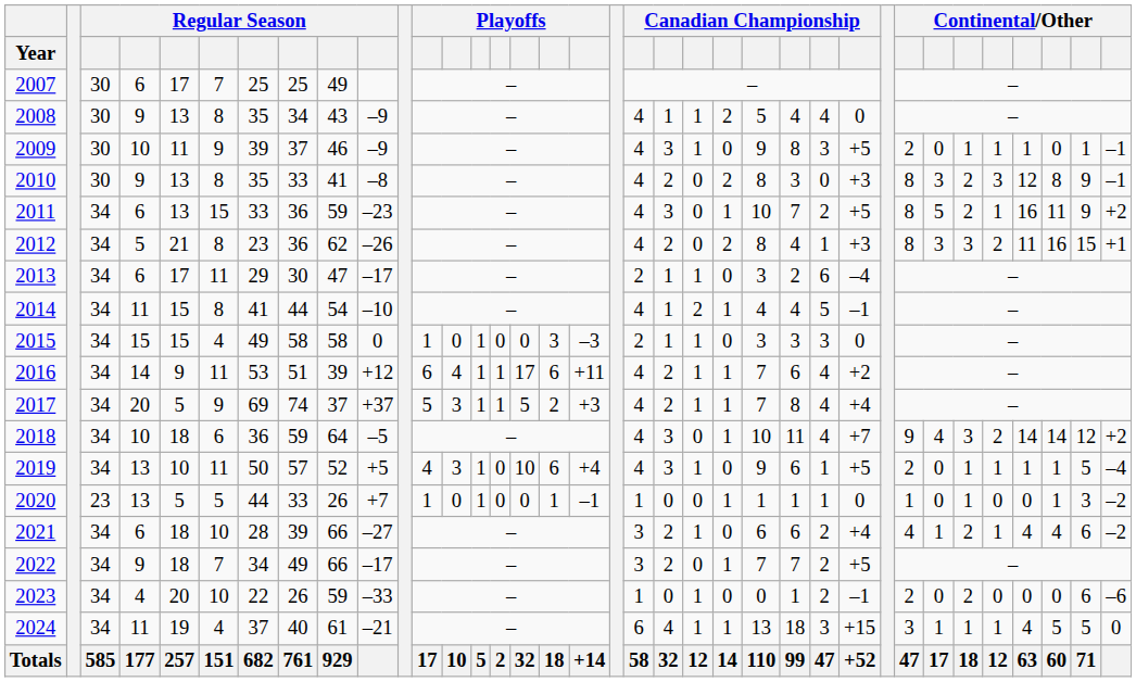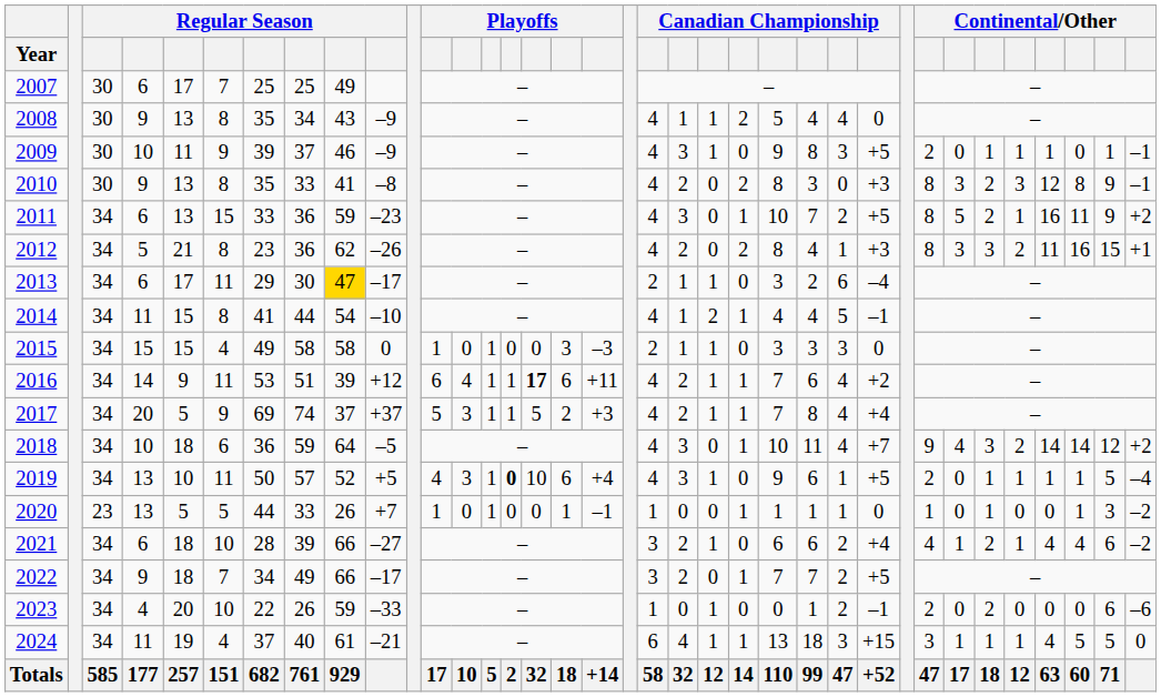 <table class="wikitable">
 <tr>
 <th bgcolor="#ffffff"> </th>
 <th rowspan="99" bgcolor="#ffffff"> </th>
 <th colspan="8"><a href='#'>Regular Season</a></th>
 <th rowspan="99" bgcolor="#ffffff"> </th>
 <th colspan="7"><a href='#'>Playoffs</a></th>
 <th rowspan="99" bgcolor="#ffffff"> </th>
 <th colspan="8"><a href='#'>Canadian Championship</a></th>
 <th rowspan="99" bgcolor="#ffffff"> </th>
 <th colspan="8"><a href='#'>Continental</a>/Other</th>
 </tr>
 <tr bgcolor="#e0e0e0">
 <th>Year</th>
 <th></th>
 <th></th>
 <th></th>
 <th></th>
 <th></th>
 <th></th>
 <th></th>
 <th></th>
 <th></th>
 <th></th>
 <th></th>
 <th></th>
 <th></th>
 <th></th>
 <th></th>
 <th></th>
 <th></th>
 <th></th>
 <th></th>
 <th></th>
 <th></th>
 <th></th>
 <th></th>
 <th></th>
 <th></th>
 <th></th>
 <th></th>
 <th></th>
 <th></th>
 <th></th>
 <th></th>
 </tr>
 <tr align="center">
 <td><a href='#'>2007</a></td>
 <td>30</td>
 <td>6</td>
 <td>17</td>
 <td>7</td>
 <td>25</td>
 <td>25</td>
 <td>49</td>
 <td></td>
 <td colspan="7">–</td>
 <td colspan="8">–</td>
 <td colspan="8">–</td>
 </tr>
 <tr align="center">
 <td><a href='#'>2008</a></td>
 <td>30</td>
 <td>9</td>
 <td>13</td>
 <td>8</td>
 <td>35</td>
 <td>34</td>
 <td>43</td>
 <td>–9</td>
 <td colspan="7">–</td>
 <td>4</td>
 <td>1</td>
 <td>1</td>
 <td>2</td>
 <td>5</td>
 <td>4</td>
 <td>4</td>
 <td>0</td>
 <td colspan="8">–</td>
 </tr>
 <tr align="center">
 <td><a href='#'>2009</a></td>
 <td>30</td>
 <td>10</td>
 <td>11</td>
 <td>9</td>
 <td>39</td>
 <td>37</td>
 <td>46</td>
 <td>–9</td>
 <td colspan="7">–</td>
 <td>4</td>
 <td>3</td>
 <td>1</td>
 <td>0</td>
 <td>9</td>
 <td>8</td>
 <td>3</td>
 <td>+5</td>
 <td>2</td>
 <td>0</td>
 <td>1</td>
 <td>1</td>
 <td>1</td>
 <td>0</td>
 <td>1</td>
 <td>–1</td>
 </tr>
 <tr align="center">
 <td><a href='#'>2010</a></td>
 <td>30</td>
 <td>9</td>
 <td>13</td>
 <td>8</td>
 <td>35</td>
 <td>33</td>
 <td>41</td>
 <td>–8</td>
 <td colspan="7">–</td>
 <td>4</td>
 <td>2</td>
 <td>0</td>
 <td>2</td>
 <td>8</td>
 <td>3</td>
 <td>0</td>
 <td>+3</td>
 <td>8</td>
 <td>3</td>
 <td>2</td>
 <td>3</td>
 <td>12</td>
 <td>8</td>
 <td>9</td>
 <td>–1</td>
 </tr>
 <tr align="center">
 <td><a href='#'>2011</a></td>
 <td>34</td>
 <td>6</td>
 <td>13</td>
 <td>15</td>
 <td>33</td>
 <td>36</td>
 <td>59</td>
 <td>–23</td>
 <td colspan="7">–</td>
 <td>4</td>
 <td>3</td>
 <td>0</td>
 <td>1</td>
 <td>10</td>
 <td>7</td>
 <td>2</td>
 <td>+5</td>
 <td>8</td>
 <td>5</td>
 <td>2</td>
 <td>1</td>
 <td>16</td>
 <td>11</td>
 <td>9</td>
 <td>+2</td>
 </tr>
 <tr align="center">
 <td><a href='#'>2012</a></td>
 <td>34</td>
 <td>5</td>
 <td>21</td>
 <td>8</td>
 <td>23</td>
 <td>36</td>
 <td>62</td>
 <td>–26</td>
 <td colspan="7">–</td>
 <td>4</td>
 <td>2</td>
 <td>0</td>
 <td>2</td>
 <td>8</td>
 <td>4</td>
 <td>1</td>
 <td>+3</td>
 <td>8</td>
 <td>3</td>
 <td>3</td>
 <td>2</td>
 <td>11</td>
 <td>16</td>
 <td>15</td>
 <td>+1</td>
 </tr>
 <tr align="center">
 <td><a href='#'>2013</a></td>
 <td>34</td>
 <td>6</td>
 <td>17</td>
 <td>11</td>
 <td>29</td>
 <td>30</td>
-<td>47</td>
+<td style="background: gold;">47</td>
 <td>–17</td>
 <td colspan="7">–</td>
 <td>2</td>
 <td>1</td>
 <td>1</td>
 <td>0</td>
 <td>3</td>
 <td>2</td>
 <td>6</td>
 <td>–4</td>
 <td colspan="8">–</td>
 </tr>
 <tr align="center">
 <td><a href='#'>2014</a></td>
 <td>34</td>
 <td>11</td>
 <td>15</td>
 <td>8</td>
 <td>41</td>
 <td>44</td>
 <td>54</td>
 <td>–10</td>
 <td colspan="7">–</td>
 <td>4</td>
 <td>1</td>
 <td>2</td>
 <td>1</td>
 <td>4</td>
 <td>4</td>
 <td>5</td>
 <td>–1</td>
 <td colspan="8">–</td>
 </tr>
 <tr align="center">
 <td><a href='#'>2015</a></td>
 <td>34</td>
 <td>15</td>
 <td>15</td>
 <td>4</td>
 <td>49</td>
 <td>58</td>
 <td>58</td>
 <td>0</td>
 <td>1</td>
 <td>0</td>
 <td>1</td>
 <td>0</td>
 <td>0</td>
 <td>3</td>
 <td>–3</td>
 <td>2</td>
 <td>1</td>
 <td>1</td>
 <td>0</td>
 <td>3</td>
 <td>3</td>
 <td>3</td>
 <td>0</td>
 <td colspan="8">–</td>
 </tr>
 <tr align="center">
 <td><a href='#'>2016</a></td>
 <td>34</td>
 <td>14</td>
 <td>9</td>
 <td>11</td>
 <td>53</td>
 <td>51</td>
 <td>39</td>
 <td>+12</td>
 <td>6</td>
 <td>4</td>
 <td>1</td>
 <td>1</td>
-<td>17</td>
+<td><strong>17</strong></td>
 <td>6</td>
 <td>+11</td>
 <td>4</td>
 <td>2</td>
 <td>1</td>
 <td>1</td>
 <td>7</td>
 <td>6</td>
 <td>4</td>
 <td>+2</td>
 <td colspan="8">–</td>
 </tr>
 <tr align="center">
 <td><a href='#'>2017</a></td>
 <td>34</td>
 <td>20</td>
 <td>5</td>
 <td>9</td>
 <td>69</td>
 <td>74</td>
 <td>37</td>
 <td>+37</td>
 <td>5</td>
 <td>3</td>
 <td>1</td>
 <td>1</td>
 <td>5</td>
 <td>2</td>
 <td>+3</td>
 <td>4</td>
 <td>2</td>
 <td>1</td>
 <td>1</td>
 <td>7</td>
 <td>8</td>
 <td>4</td>
 <td>+4</td>
 <td colspan="8">–</td>
 </tr>
 <tr align="center">
 <td><a href='#'>2018</a></td>
 <td>34</td>
 <td>10</td>
 <td>18</td>
 <td>6</td>
 <td>36</td>
 <td>59</td>
 <td>64</td>
 <td>–5</td>
 <td colspan="7">–</td>
 <td>4</td>
 <td>3</td>
 <td>0</td>
 <td>1</td>
 <td>10</td>
 <td>11</td>
 <td>4</td>
 <td>+7</td>
 <td>9</td>
 <td>4</td>
 <td>3</td>
 <td>2</td>
 <td>14</td>
 <td>14</td>
 <td>12</td>
 <td>+2</td>
 </tr>
 <tr align="center">
 <td><a href='#'>2019</a></td>
 <td>34</td>
 <td>13</td>
 <td>10</td>
 <td>11</td>
 <td>50</td>
 <td>57</td>
 <td>52</td>
 <td>+5</td>
 <td>4</td>
 <td>3</td>
 <td>1</td>
-<td>0</td>
+<td><strong>0</strong></td>
 <td>10</td>
 <td>6</td>
 <td>+4</td>
 <td>4</td>
 <td>3</td>
 <td>1</td>
 <td>0</td>
 <td>9</td>
 <td>6</td>
 <td>1</td>
 <td>+5</td>
 <td>2</td>
 <td>0</td>
 <td>1</td>
 <td>1</td>
 <td>1</td>
 <td>1</td>
 <td>5</td>
 <td>–4</td>
 </tr>
 <tr align="center">
 <td><a href='#'>2020</a></td>
 <td>23</td>
 <td>13</td>
 <td>5</td>
 <td>5</td>
 <td>44</td>
 <td>33</td>
 <td>26</td>
 <td>+7</td>
 <td>1</td>
 <td>0</td>
 <td>1</td>
 <td>0</td>
 <td>0</td>
 <td>1</td>
 <td>–1</td>
 <td>1</td>
 <td>0</td>
 <td>0</td>
 <td>1</td>
 <td>1</td>
 <td>1</td>
 <td>1</td>
 <td>0</td>
 <td>1</td>
 <td>0</td>
 <td>1</td>
 <td>0</td>
 <td>0</td>
 <td>1</td>
 <td>3</td>
 <td>–2</td>
 </tr>
 <tr align="center">
 <td><a href='#'>2021</a></td>
 <td>34</td>
 <td>6</td>
 <td>18</td>
 <td>10</td>
 <td>28</td>
 <td>39</td>
 <td>66</td>
 <td>–27</td>
 <td colspan="7">–</td>
 <td>3</td>
 <td>2</td>
 <td>1</td>
 <td>0</td>
 <td>6</td>
 <td>6</td>
 <td>2</td>
 <td>+4</td>
 <td>4</td>
 <td>1</td>
 <td>2</td>
 <td>1</td>
 <td>4</td>
 <td>4</td>
 <td>6</td>
 <td>–2</td>
 </tr>
 <tr align="center">
 <td><a href='#'>2022</a></td>
 <td>34</td>
 <td>9</td>
 <td>18</td>
 <td>7</td>
 <td>34</td>
 <td>49</td>
 <td>66</td>
 <td>–17</td>
 <td colspan="7">–</td>
 <td>3</td>
 <td>2</td>
 <td>0</td>
 <td>1</td>
 <td>7</td>
 <td>7</td>
 <td>2</td>
 <td>+5</td>
 <td colspan="8">–</td>
 </tr>
 <tr align="center">
 <td><a href='#'>2023</a></td>
 <td>34</td>
 <td>4</td>
 <td>20</td>
 <td>10</td>
 <td>22</td>
 <td>26</td>
 <td>59</td>
 <td>–33</td>
 <td colspan="7">–</td>
 <td>1</td>
 <td>0</td>
 <td>1</td>
 <td>0</td>
 <td>0</td>
 <td>1</td>
 <td>2</td>
 <td>–1</td>
 <td>2</td>
 <td>0</td>
 <td>2</td>
 <td>0</td>
 <td>0</td>
 <td>0</td>
 <td>6</td>
 <td>–6</td>
 </tr>
 <tr align="center">
 <td><a href='#'>2024</a></td>
 <td>34</td>
 <td>11</td>
 <td>19</td>
 <td>4</td>
 <td>37</td>
 <td>40</td>
 <td>61</td>
 <td>–21</td>
 <td colspan="7">–</td>
 <td>6</td>
 <td>4</td>
 <td>1</td>
 <td>1</td>
 <td>13</td>
 <td>18</td>
 <td>3</td>
 <td>+15</td>
 <td>3</td>
 <td>1</td>
 <td>1</td>
 <td>1</td>
 <td>4</td>
 <td>5</td>
 <td>5</td>
 <td>0</td>
 </tr>
 <tr align="center">
 <th>Totals</th>
 <th><strong>585</strong></th>
 <th><strong>177</strong></th>
 <th><strong>257</strong></th>
 <th><strong>151</strong></th>
 <th><strong>682</strong></th>
 <th><strong>761</strong></th>
 <th><strong>929</strong></th>
 <th><strong></strong></th>
 <th><strong>17</strong></th>
 <th><strong>10</strong></th>
 <th><strong>5</strong></th>
 <th><strong>2</strong></th>
 <th><strong>32</strong></th>
 <th><strong>18</strong></th>
 <th><strong>+14</strong></th>
 <th><strong>58</strong></th>
 <th><strong>32</strong></th>
 <th><strong>12</strong></th>
 <th><strong>14</strong></th>
 <th><strong>110</strong></th>
 <th><strong>99</strong></th>
 <th><strong>47</strong></th>
 <th><strong>+52</strong></th>
 <th><strong>47</strong></th>
 <th><strong>17</strong></th>
 <th><strong>18</strong></th>
 <th><strong>12</strong></th>
 <th><strong>63</strong></th>
 <th><strong>60</strong></th>
 <th><strong>71</strong></th>
 <th><strong></strong></th>
 </tr>
 </table>
